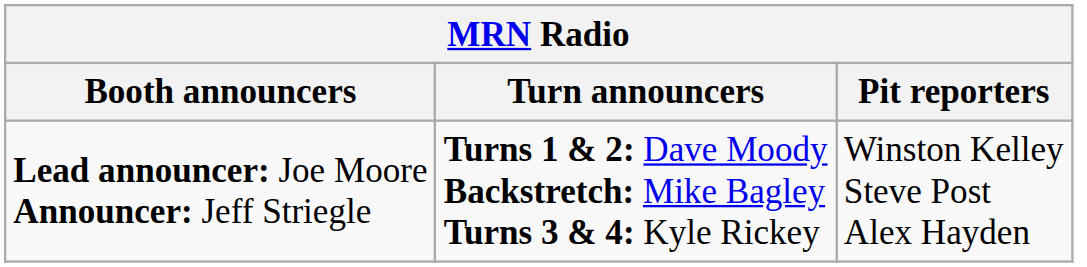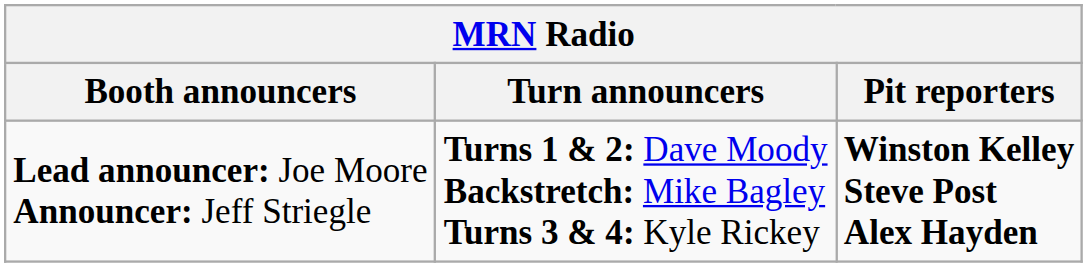 <table class="wikitable" style="font-size: 95%;">
 <tr>
 <th colspan="3"><a href='#'>MRN</a> Radio</th>
 </tr>
 <tr>
 <th>Booth announcers</th>
 <th>Turn announcers</th>
 <th>Pit reporters</th>
 </tr>
 <tr>
 <td><strong>Lead announcer:</strong> Joe Moore<br><strong>Announcer:</strong> Jeff Striegle</td>
 <td><strong>Turns 1 & 2:</strong> <a href='#'>Dave Moody</a><br><strong>Backstretch:</strong> <a href='#'>Mike Bagley</a><br><strong>Turns 3 & 4:</strong> Kyle Rickey</td>
-<td>Winston Kelley<br>Steve Post<br>Alex Hayden</td>
+<td><strong>Winston Kelley<br>Steve Post<br>Alex Hayden</strong></td>
 </tr>
 </table>
